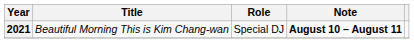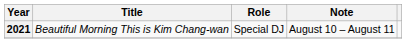 <table class="wikitable plainrowheaders sortable nowrap">
 <tr>
 <th scope="col">Year</th>
 <th scope="col">Title</th>
 <th scope="col">Role</th>
 <th scope="col">Note</th>
 <th scope="col" class="unsortable"></th>
 </tr>
 <tr>
 <th scope="row">2021</th>
 <td><em>  Beautiful Morning This is Kim Chang-wan</em></td>
 <td>Special DJ</td>
-<td><strong>August 10 – August 11</strong></td>
+<td>August 10 – August 11</td>
 <td></td>
 </tr>
 <tr>
 </tr>
 </table>
